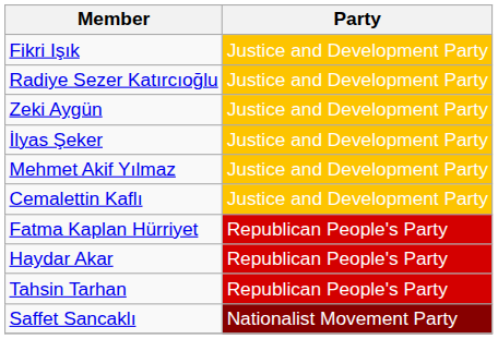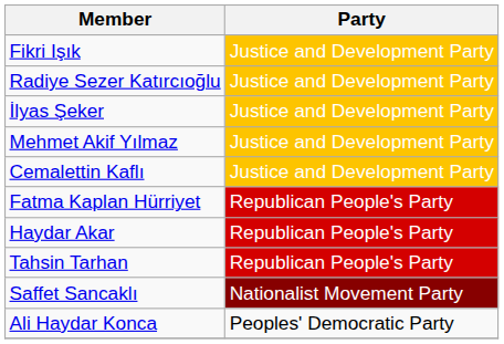 <table class="wikitable">
 <tr>
 <th>Member</th>
 <th>Party</th>
 </tr>
 <tr>
 <td><a href='#'>Fikri Işık</a></td>
 <td style="background:#FDC400; color:white">Justice and Development Party</td>
 </tr>
 <tr>
 <td><a href='#'>Radiye Sezer Katırcıoğlu</a></td>
-<td style="background:#FDC400; color:white">Justice and Development Party</td>
-</tr>
-<tr>
-<td><a href='#'>Zeki Aygün</a></td>
 <td style="background:#FDC400; color:white">Justice and Development Party</td>
 </tr>
 <tr>
 <td><a href='#'>İlyas Şeker</a></td>
 <td style="background:#FDC400; color:white">Justice and Development Party</td>
 </tr>
 <tr>
 <td><a href='#'>Mehmet Akif Yılmaz</a></td>
 <td style="background:#FDC400; color:white">Justice and Development Party</td>
 </tr>
 <tr>
 <td><a href='#'>Cemalettin Kaflı</a></td>
 <td style="background:#FDC400; color:white">Justice and Development Party</td>
 </tr>
 <tr>
 <td><a href='#'>Fatma Kaplan Hürriyet</a></td>
 <td style="background:#D40000; color:white">Republican People's Party</td>
 </tr>
 <tr>
 <td><a href='#'>Haydar Akar</a></td>
 <td style="background:#D40000; color:white">Republican People's Party</td>
 </tr>
 <tr>
 <td><a href='#'>Tahsin Tarhan</a></td>
 <td style="background:#D40000; color:white">Republican People's Party</td>
 </tr>
 <tr>
 <td><a href='#'>Saffet Sancaklı</a></td>
 <td style="background:#870000; color:white">Nationalist Movement Party</td>
 </tr>
 <tr>
+<td><a href='#'>Ali Haydar Konca</a></td>
+<td style="background:">Peoples' Democratic Party</td>
+</tr>
+<tr>
 </tr>
 </table>
